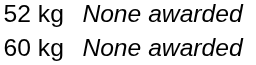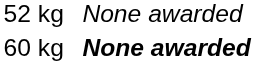 <table>
 <tr>
 <td>52 kg</td>
 <td></td>
 <td></td>
 <td><em>None awarded</em></td>
 </tr>
 <tr>
 <td>60 kg</td>
 <td></td>
 <td></td>
-<td><em>None awarded</em></td>
+<td><strong><em>None awarded</em></strong></td>
 </tr>
 </table>
